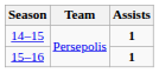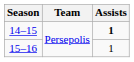 <table class="wikitable" style="text-align: center;">
 <tr>
 <th>Season</th>
 <th>Team</th>
 <th>Assists</th>
 </tr>
 <tr>
 <td><a href='#'>14–15</a></td>
 <td rowspan="2"><a href='#'>Persepolis</a></td>
 <td><strong>1</strong></td>
 </tr>
 <tr>
 <td><a href='#'>15–16</a></td>
-<td><strong>1</strong></td>
+<td>1</td>
 </tr>
 </table>
